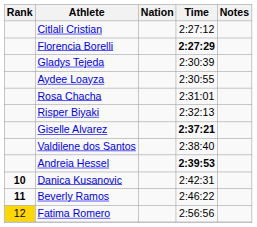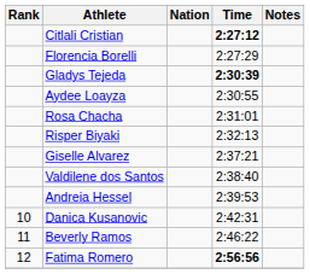 <table class="wikitable sortable" style="text-align:center">
 <tr>
 <th>Rank</th>
 <th>Athlete</th>
 <th>Nation</th>
 <th>Time</th>
 <th>Notes</th>
 </tr>
 <tr>
 <td></td>
 <td align=left><a href='#'>Citlali Cristian</a></td>
 <td align=left></td>
-<td>2:27:12</td>
+<td><strong>2:27:12</strong></td>
 <td><strong></strong></td>
 </tr>
 <tr>
 <td></td>
 <td align=left><a href='#'>Florencia Borelli</a></td>
 <td align=left></td>
-<td><strong>2:27:29</strong></td>
+<td>2:27:29</td>
 <td></td>
 </tr>
 <tr>
 <td></td>
 <td align=left><a href='#'>Gladys Tejeda</a></td>
 <td align=left></td>
-<td>2:30:39</td>
+<td><strong>2:30:39</strong></td>
 <td><strong></strong></td>
 </tr>
 <tr>
 <td></td>
 <td align=left><a href='#'>Aydee Loayza</a></td>
 <td align=left></td>
 <td>2:30:55</td>
 <td></td>
 </tr>
 <tr>
 <td></td>
 <td align=left><a href='#'>Rosa Chacha</a></td>
 <td align=left></td>
 <td>2:31:01</td>
 <td></td>
 </tr>
 <tr>
 <td></td>
 <td align=left><a href='#'>Risper Biyaki</a></td>
 <td align=left></td>
 <td>2:32:13</td>
 <td></td>
 </tr>
 <tr>
 <td></td>
 <td align=left><a href='#'>Giselle Alvarez</a></td>
 <td align=left></td>
-<td><strong>2:37:21</strong></td>
+<td>2:37:21</td>
 <td></td>
 </tr>
 <tr>
 <td></td>
 <td align=left><a href='#'>Valdilene dos Santos</a></td>
 <td align=left></td>
 <td>2:38:40</td>
 <td></td>
 </tr>
 <tr>
 <td></td>
 <td align=left><a href='#'>Andreia Hessel</a></td>
 <td align=left></td>
-<td><strong>2:39:53</strong></td>
+<td>2:39:53</td>
 <td><strong></strong></td>
 </tr>
 <tr>
-<td><strong>10</strong></td>
+<td>10</td>
 <td align=left><a href='#'>Danica Kusanovic</a></td>
 <td align=left></td>
 <td>2:42:31</td>
 <td><strong></strong></td>
 </tr>
 <tr>
-<td><strong>11</strong></td>
+<td>11</td>
 <td align=left><a href='#'>Beverly Ramos</a></td>
 <td align=left></td>
 <td>2:46:22</td>
 <td></td>
 </tr>
 <tr>
-<td style="background: gold;">12</td>
+<td>12</td>
 <td align=left><a href='#'>Fatima Romero</a></td>
 <td align=left></td>
-<td>2:56:56</td>
+<td><strong>2:56:56</strong></td>
 <td></td>
 </tr>
 <tr>
 </tr>
 </table>
